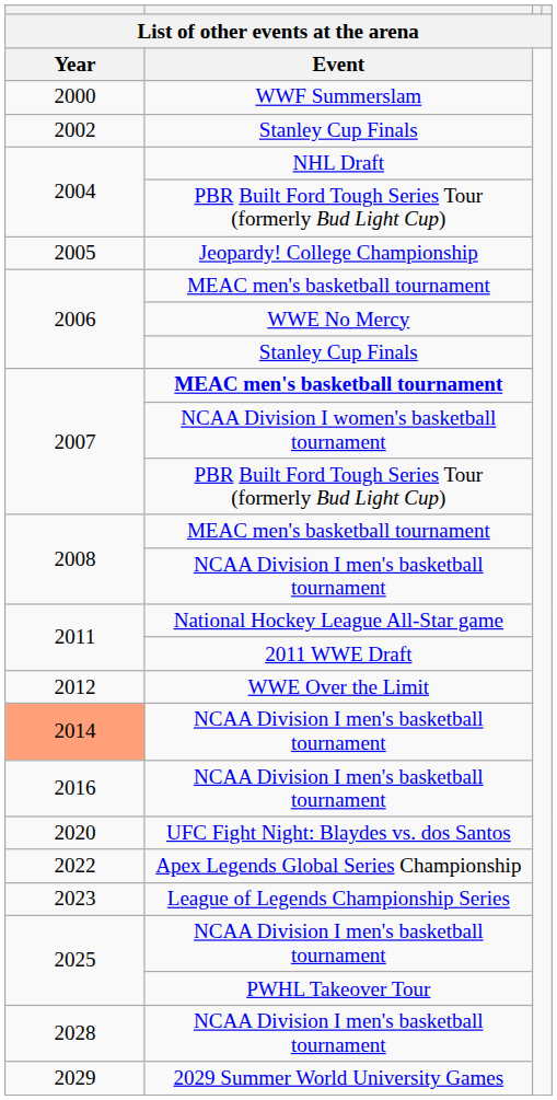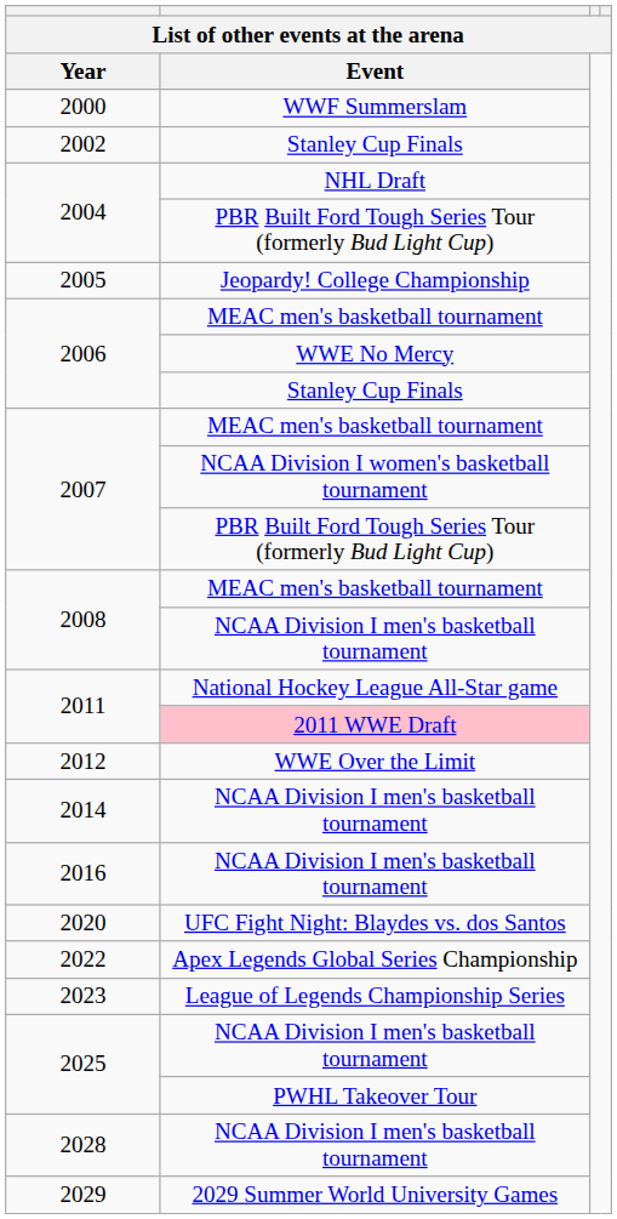 <table class="wikitable collapsible collapsed" style="text-align:center;">
 <tr>
 <th></th>
 <th></th>
 <th></th>
 <th></th>
 </tr>
 <tr>
 <th colspan="4">List of other events at the arena</th>
 </tr>
 <tr>
 <th width="100">Year</th>
 <th width="290">Event</th>
 </tr>
 <tr>
 <td>2000</td>
 <td><a href='#'>WWF Summerslam</a></td>
 </tr>
 <tr>
 <td>2002</td>
 <td><a href='#'>Stanley Cup Finals</a></td>
 </tr>
 <tr>
 <td rowspan="2">2004</td>
 <td><a href='#'>NHL Draft</a></td>
 </tr>
 <tr>
 <td><a href='#'>PBR</a> <a href='#'>Built Ford Tough Series</a> Tour <br>(formerly <em>Bud Light Cup</em>)</td>
 </tr>
 <tr>
 <td>2005</td>
 <td><a href='#'>Jeopardy! College Championship</a></td>
 </tr>
 <tr>
 <td rowspan="3">2006</td>
 <td><a href='#'>MEAC men's basketball tournament</a></td>
 </tr>
 <tr>
 <td><a href='#'>WWE No Mercy</a></td>
 </tr>
 <tr>
 <td><a href='#'>Stanley Cup Finals</a></td>
 </tr>
 <tr>
 <td rowspan="3">2007</td>
-<td><strong><a href='#'>MEAC men's basketball tournament</a></strong></td>
+<td><a href='#'>MEAC men's basketball tournament</a></td>
 </tr>
 <tr>
 <td><a href='#'>NCAA Division I women's basketball tournament</a> <br></td>
 </tr>
 <tr>
 <td><a href='#'>PBR</a> <a href='#'>Built Ford Tough Series</a> Tour <br>(formerly <em>Bud Light Cup</em>)</td>
 </tr>
 <tr>
 <td rowspan="2">2008</td>
 <td><a href='#'>MEAC men's basketball tournament</a></td>
 </tr>
 <tr>
 <td><a href='#'>NCAA Division I men's basketball tournament</a> <br></td>
 </tr>
 <tr>
 <td rowspan="2">2011</td>
 <td><a href='#'>National Hockey League All-Star game</a></td>
 </tr>
 <tr>
-<td><a href='#'>2011 WWE Draft</a></td>
+<td style="background: pink;"><a href='#'>2011 WWE Draft</a></td>
 </tr>
 <tr>
 <td>2012</td>
 <td><a href='#'>WWE Over the Limit</a></td>
 </tr>
 <tr>
-<td style="background: lightsalmon;">2014</td>
+<td>2014</td>
 <td><a href='#'>NCAA Division I men's basketball tournament</a> <br></td>
 </tr>
 <tr>
 <td>2016</td>
 <td><a href='#'>NCAA Division I men's basketball tournament</a> <br></td>
 </tr>
 <tr>
 <td>2020</td>
 <td><a href='#'>UFC Fight Night: Blaydes vs. dos Santos</a></td>
 </tr>
 <tr>
 <td>2022</td>
 <td><a href='#'>Apex Legends Global Series</a> Championship</td>
 </tr>
 <tr>
 <td>2023</td>
 <td><a href='#'>League of Legends Championship Series</a></td>
 </tr>
 <tr>
 <td rowspan="2">2025</td>
 <td><a href='#'>NCAA Division I men's basketball tournament</a><br></td>
 </tr>
 <tr>
 <td><a href='#'>PWHL Takeover Tour</a></td>
 </tr>
 <tr>
 <td>2028</td>
 <td><a href='#'>NCAA Division I men's basketball tournament</a><br></td>
 </tr>
 <tr>
 <td>2029</td>
 <td><a href='#'>2029 Summer World University Games</a></td>
 </tr>
 <tr>
 </tr>
 </table>
